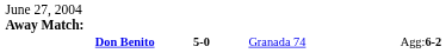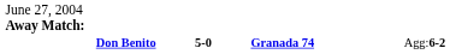 <table width=100% cellspacing=1>
 <tr>
 <th width=20%></th>
 <th width=12%></th>
 <th width=20%></th>
 <th></th>
 </tr>
 <tr>
 <td>June 27, 2004<br><strong>Away Match:</strong></td>
 </tr>
 <tr style=font-size:90%>
 <td align=right><strong><a href='#'>Don Benito</a></strong></td>
 <td align=center><strong>5-0</strong></td>
-<td><a href='#'>Granada 74</a></td>
+<td><strong><a href='#'>Granada 74</a></strong></td>
 <td>Agg:<strong>6-2</strong></td>
 </tr>
 </table>
